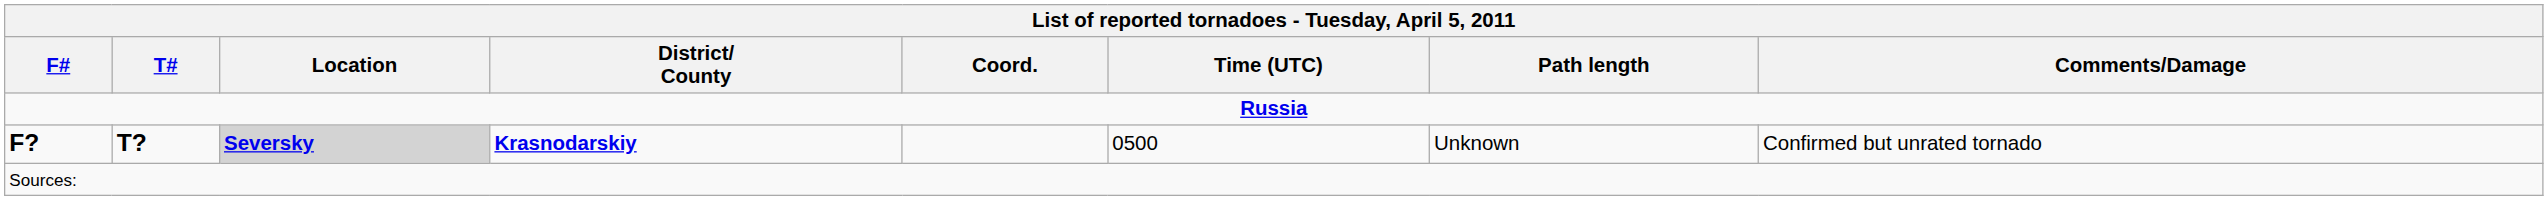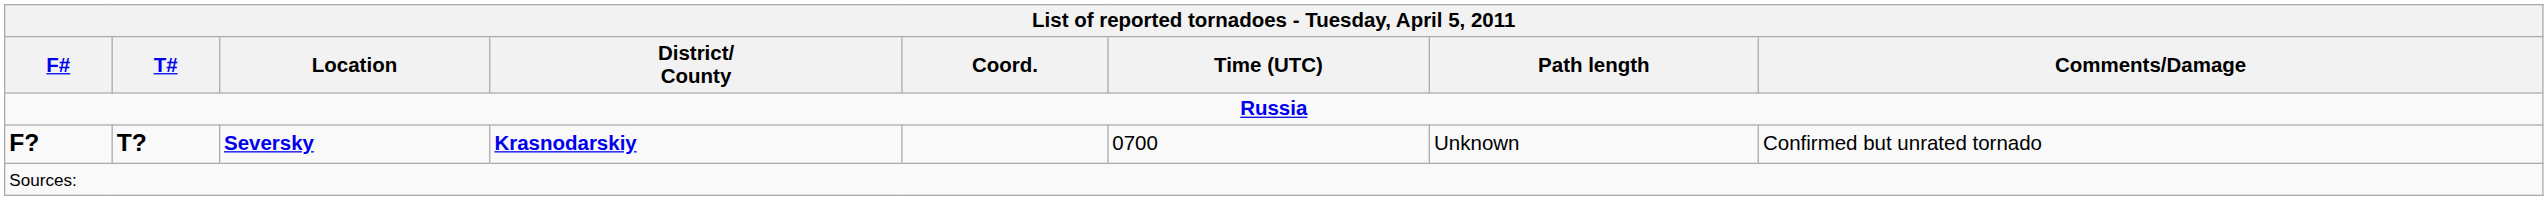 <table class="wikitable collapsible" width="100%">
 <tr>
 <th colspan="8">List of reported tornadoes - Tuesday, April 5, 2011</th>
 </tr>
 <tr>
 <th><a href='#'>F#</a></th>
 <th><a href='#'>T#</a></th>
 <th>Location</th>
 <th>District/<br>County</th>
 <th>Coord.</th>
 <th>Time (UTC)</th>
 <th>Path length</th>
 <th>Comments/Damage</th>
 </tr>
 <tr>
 <td colspan="8" align=center><strong><a href='#'>Russia</a></strong></td>
 </tr>
 <tr>
 <td><big><strong>F?</strong></big></td>
 <td><big><strong>T?</strong></big></td>
-<td style="background: lightgrey;"><strong><a href='#'>Seversky</a></strong></td>
+<td><strong><a href='#'>Seversky</a></strong></td>
 <td><strong><a href='#'>Krasnodarskiy</a></strong></td>
 <td></td>
-<td>0500</td>
+<td>0700</td>
 <td>Unknown</td>
 <td>Confirmed but unrated tornado</td>
 </tr>
 <tr>
 <td colspan="8"><small>Sources:  </small></td>
 </tr>
 </table>
